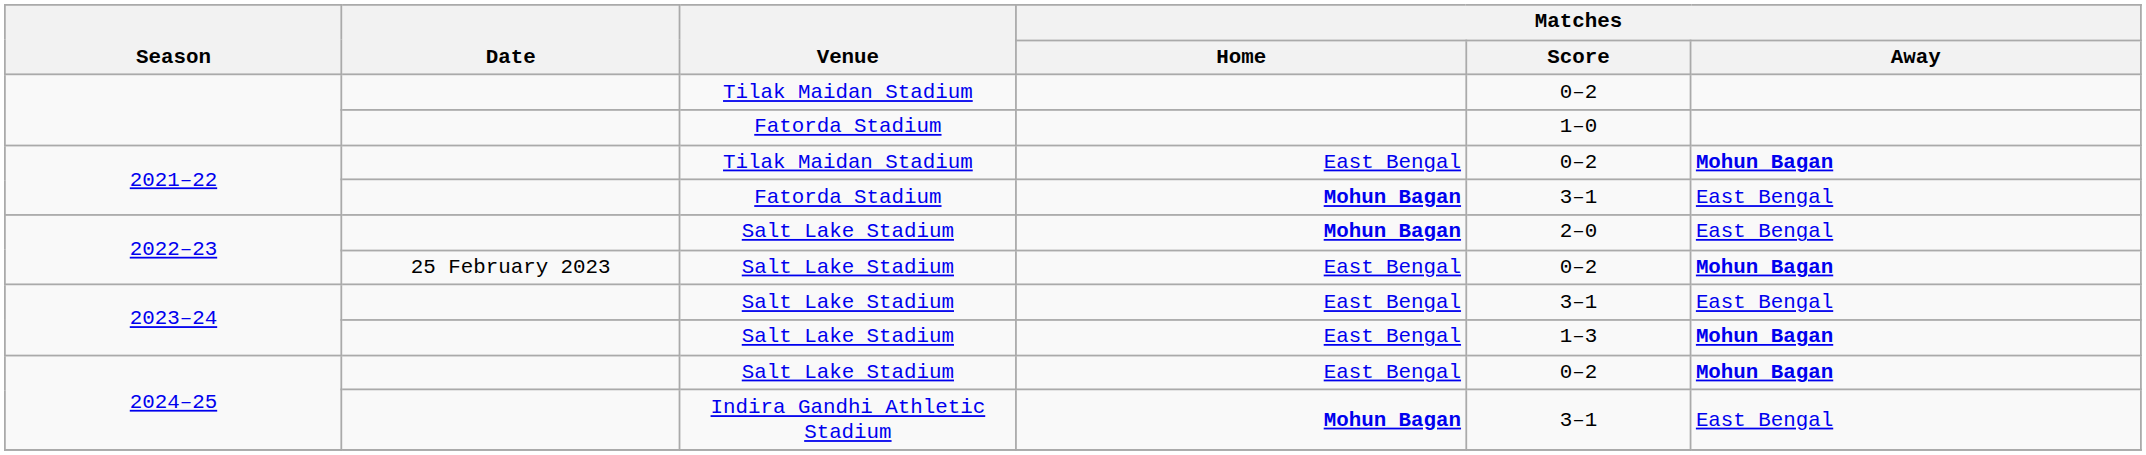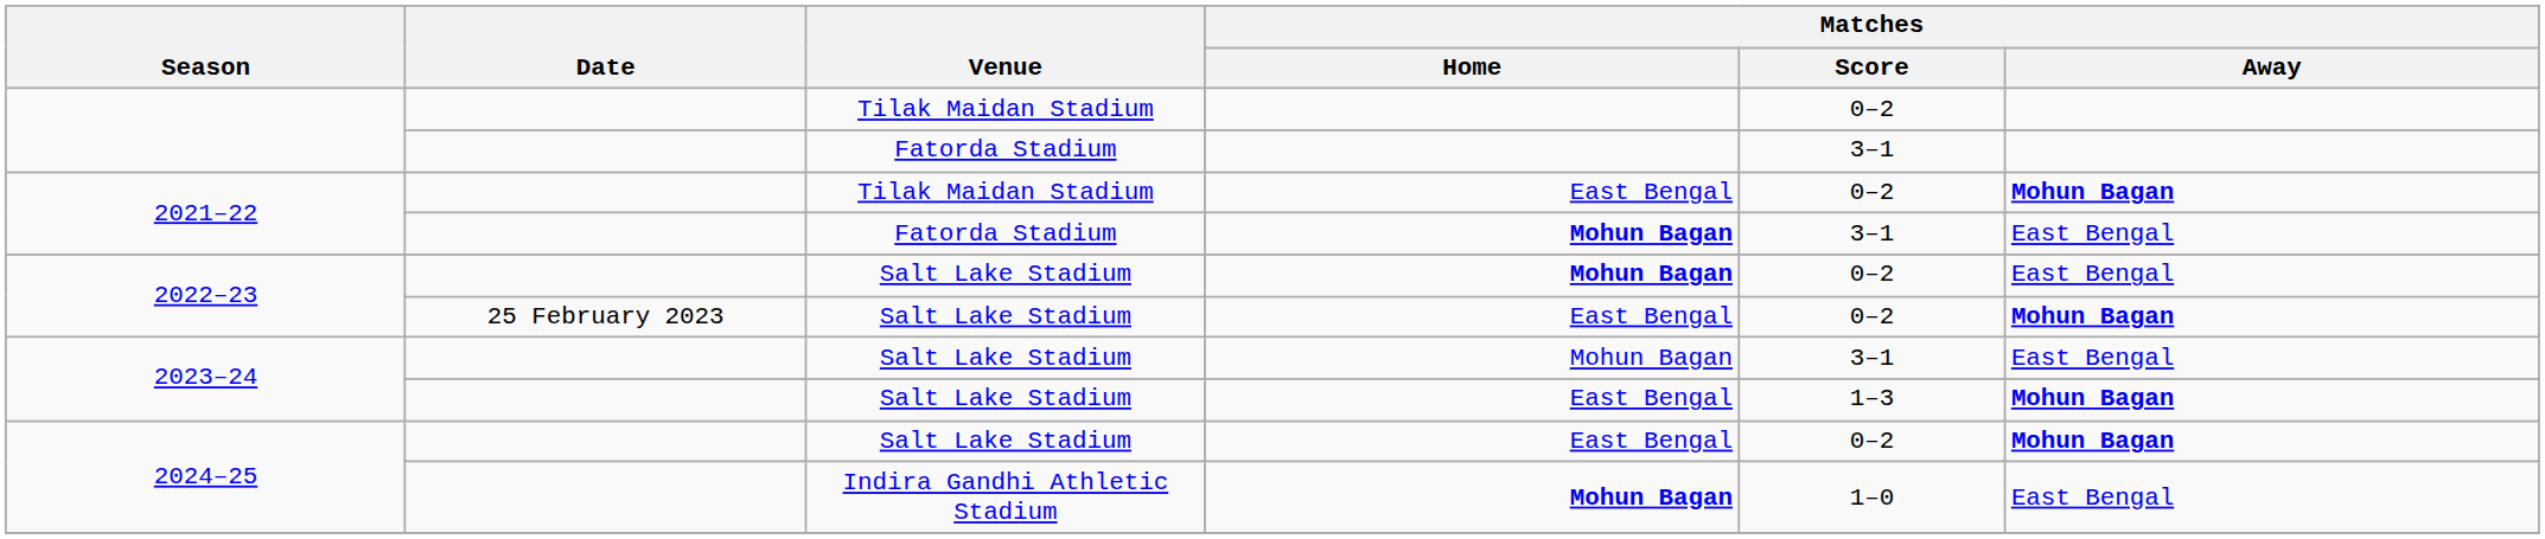 <table class="wikitable" style="font-size:90%; width:95%; text-align:center">
 <tr>
 <th rowspan="2" valign="bottom" width="15%">Season</th>
 <th rowspan="2" valign="bottom" width="15%">Date</th>
 <th rowspan="2" valign="bottom" width="15%">Venue</th>
 <th colspan="3" width="50%">Matches</th>
 </tr>
 <tr>
 <th width="20%">Home</th>
 <th width="10%">Score</th>
 <th width="20%">Away</th>
 </tr>
 <tr>
 <td rowspan="2"></td>
 <td></td>
 <td><a href='#'>Tilak Maidan Stadium</a></td>
 <td align="right"></td>
 <td align="center">0–2</td>
 <td align="left"></td>
 </tr>
 <tr>
 <td></td>
 <td><a href='#'>Fatorda Stadium</a></td>
 <td align="right"></td>
-<td align="center">1–0</td>
+<td align="center">3–1</td>
 <td align="left"></td>
 </tr>
 <tr>
 <td rowspan="2"><a href='#'>2021–22</a></td>
 <td></td>
 <td><a href='#'>Tilak Maidan Stadium</a></td>
 <td align="right"><a href='#'>East Bengal</a></td>
 <td align="center">0–2</td>
 <td align="left"><strong><a href='#'>Mohun Bagan</a></strong></td>
 </tr>
 <tr>
 <td></td>
 <td><a href='#'>Fatorda Stadium</a></td>
 <td align="right"><strong><a href='#'>Mohun Bagan</a></strong></td>
 <td align="center">3–1</td>
 <td align="left"><a href='#'>East Bengal</a></td>
 </tr>
 <tr>
 <td rowspan="2"><a href='#'>2022–23</a></td>
 <td></td>
 <td><a href='#'>Salt Lake Stadium</a></td>
 <td align="right"><strong><a href='#'>Mohun Bagan</a></strong></td>
-<td align="center">2–0</td>
+<td align="center">0–2</td>
 <td align="left"><a href='#'>East Bengal</a></td>
 </tr>
 <tr>
 <td>25 February 2023</td>
 <td><a href='#'>Salt Lake Stadium</a></td>
 <td align="right"><a href='#'>East Bengal</a></td>
 <td align="center">0–2</td>
 <td align="left"><strong><a href='#'>Mohun Bagan</a></strong></td>
 </tr>
 <tr>
 <td rowspan="2"><a href='#'>2023–24</a></td>
 <td></td>
 <td><a href='#'>Salt Lake Stadium</a></td>
-<td align="right"><a href='#'>East Bengal</a></td>
+<td align="right"><a href='#'>Mohun Bagan</a></td>
 <td align="center">3–1</td>
 <td align="left"><a href='#'>East Bengal</a></td>
 </tr>
 <tr>
 <td></td>
 <td><a href='#'>Salt Lake Stadium</a></td>
 <td align="right"><a href='#'>East Bengal</a></td>
 <td align="center">1–3</td>
 <td align="left"><strong><a href='#'>Mohun Bagan</a></strong></td>
 </tr>
 <tr>
 <td rowspan="2"><a href='#'>2024–25</a></td>
 <td></td>
 <td><a href='#'>Salt Lake Stadium</a></td>
 <td align="right"><a href='#'>East Bengal</a></td>
 <td align="center">0–2</td>
 <td align="left"><strong><a href='#'>Mohun Bagan</a></strong></td>
 </tr>
 <tr>
 <td></td>
 <td><a href='#'>Indira Gandhi Athletic Stadium</a></td>
 <td align="right"><strong><a href='#'>Mohun Bagan</a></strong></td>
-<td align="center">3–1</td>
+<td align="center">1–0</td>
 <td align="left"><a href='#'>East Bengal</a></td>
 </tr>
 <tr>
 </tr>
 </table>
